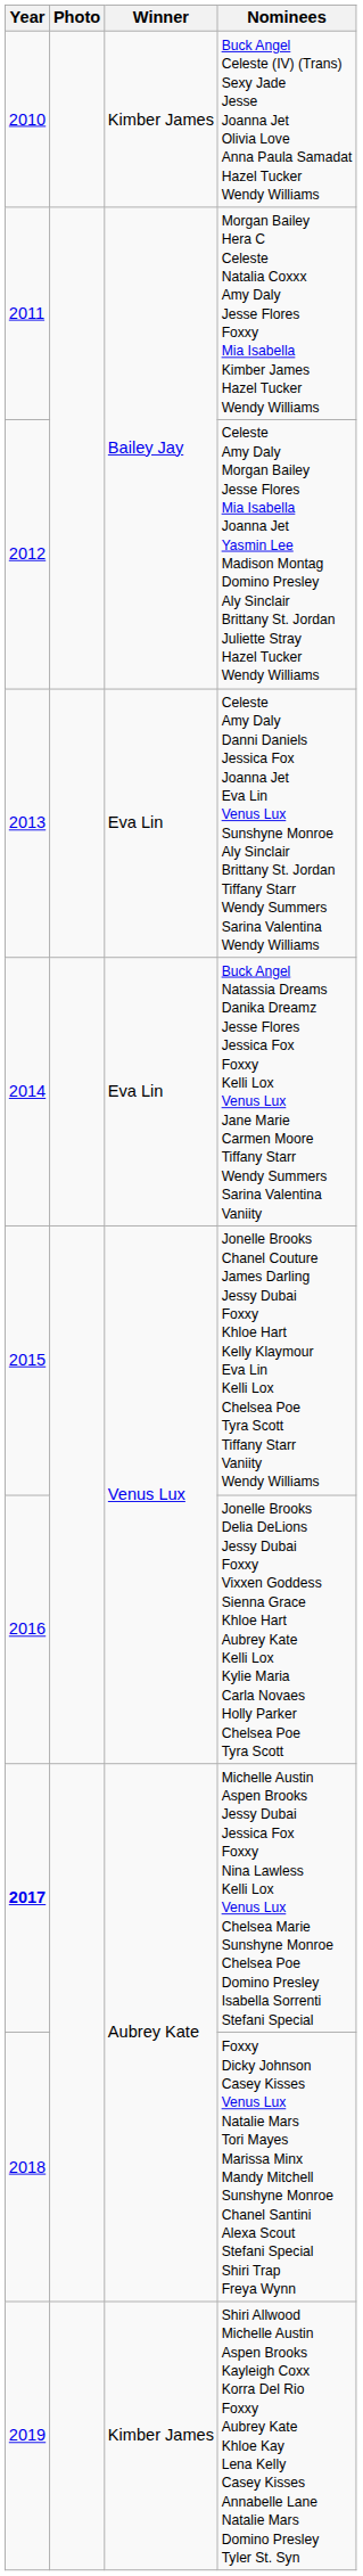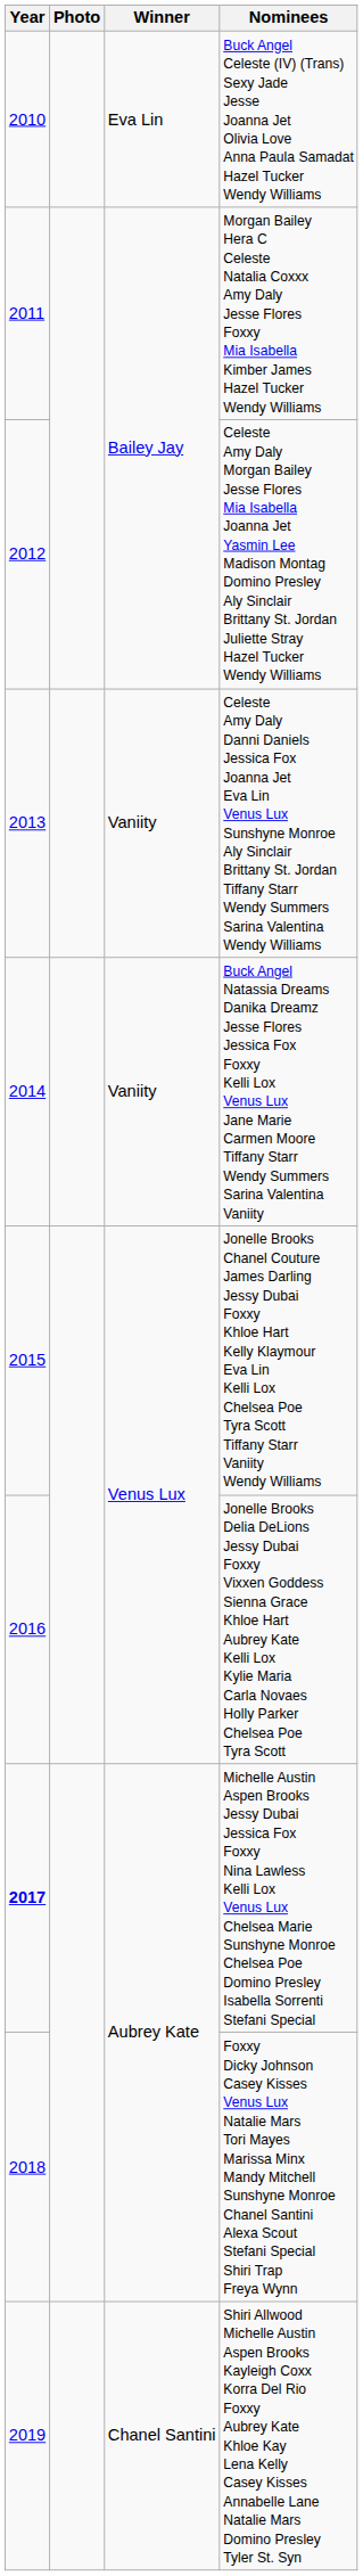 <table class="wikitable sortable">
 <tr>
 <th>Year</th>
 <th>Photo</th>
 <th>Winner</th>
 <th>Nominees</th>
 </tr>
 <tr>
 <td><a href='#'>2010</a></td>
 <td></td>
-<td>Kimber James</td>
+<td>Eva Lin</td>
 <td><small><a href='#'>Buck Angel</a><br>Celeste (IV) (Trans)<br>Sexy Jade<br>Jesse<br>Joanna Jet<br>Olivia Love<br>Anna Paula Samadat <br>Hazel Tucker<br>Wendy Williams</small></td>
 </tr>
 <tr>
 <td><a href='#'>2011</a></td>
 <td rowspan=2></td>
 <td rowspan="2"><a href='#'>Bailey Jay</a></td>
 <td><small>Morgan Bailey <br>Hera C <br>Celeste<br>Natalia Coxxx <br>Amy Daly<br>Jesse Flores<br>Foxxy <br><a href='#'>Mia Isabella</a><br>Kimber James<br>Hazel Tucker<br>Wendy Williams</small></td>
 </tr>
 <tr>
 <td><a href='#'>2012</a></td>
 <td><small>Celeste<br>Amy Daly <br>Morgan Bailey <br>Jesse Flores <br><a href='#'>Mia Isabella</a><br>Joanna Jet<br><a href='#'>Yasmin Lee</a><br>Madison Montag <br>Domino Presley <br>Aly Sinclair <br>Brittany St. Jordan <br>Juliette Stray <br>Hazel Tucker<br>Wendy Williams</small></td>
 </tr>
 <tr>
 <td><a href='#'>2013</a></td>
 <td></td>
-<td>Eva Lin</td>
+<td>Vaniity</td>
 <td><small>Celeste<br>Amy Daly<br>Danni Daniels<br>Jessica Fox<br>Joanna Jet<br>Eva Lin<br><a href='#'>Venus Lux</a><br>Sunshyne Monroe<br>Aly Sinclair<br>Brittany St. Jordan<br>Tiffany Starr<br>Wendy Summers<br>Sarina Valentina<br>Wendy Williams</small></td>
 </tr>
 <tr>
 <td><a href='#'>2014</a></td>
 <td></td>
-<td>Eva Lin</td>
+<td>Vaniity</td>
 <td><small><a href='#'>Buck Angel</a><br>Natassia Dreams<br>Danika Dreamz<br>Jesse Flores<br>Jessica Fox<br>Foxxy<br>Kelli Lox<br><a href='#'>Venus Lux</a><br>Jane Marie<br>Carmen Moore<br>Tiffany Starr<br>Wendy Summers<br>Sarina Valentina<br>Vaniity</small></td>
 </tr>
 <tr>
 <td><a href='#'>2015</a></td>
 <td rowspan=2></td>
 <td rowspan="2"><a href='#'>Venus Lux</a></td>
 <td><small>Jonelle Brooks<br>Chanel Couture<br>James Darling<br>Jessy Dubai<br>Foxxy<br>Khloe Hart<br>Kelly Klaymour<br>Eva Lin<br>Kelli Lox<br>Chelsea Poe<br>Tyra Scott<br>Tiffany Starr<br>Vaniity<br>Wendy Williams</small></td>
 </tr>
 <tr>
 <td><a href='#'>2016</a></td>
 <td><small>Jonelle Brooks<br>Delia DeLions<br>Jessy Dubai<br>Foxxy<br>Vixxen Goddess<br>Sienna Grace<br>Khloe Hart<br>Aubrey Kate<br>Kelli Lox<br>Kylie Maria<br>Carla Novaes<br>Holly Parker<br>Chelsea Poe<br>Tyra Scott</small></td>
 </tr>
 <tr>
 <td><strong><a href='#'>2017</a></strong></td>
 <td rowspan=2></td>
 <td rowspan="2">Aubrey Kate</td>
 <td><small>Michelle Austin<br>Aspen Brooks<br>Jessy Dubai<br>Jessica Fox<br>Foxxy<br>Nina Lawless<br>Kelli Lox<br><a href='#'>Venus Lux</a><br>Chelsea Marie<br>Sunshyne Monroe<br>Chelsea Poe<br>Domino Presley<br>Isabella Sorrenti<br>Stefani Special</small></td>
 </tr>
 <tr>
 <td><a href='#'>2018</a></td>
 <td><small>Foxxy<br>Dicky Johnson<br>Casey Kisses<br><a href='#'>Venus Lux</a><br>Natalie Mars<br>Tori Mayes<br>Marissa Minx<br>Mandy Mitchell<br>Sunshyne Monroe<br>Chanel Santini<br>Alexa Scout<br>Stefani Special<br>Shiri Trap<br>Freya Wynn</small></td>
 </tr>
 <tr>
 <td><a href='#'>2019</a></td>
 <td></td>
-<td>Kimber James</td>
+<td>Chanel Santini</td>
 <td><small>Shiri Allwood<br>Michelle Austin<br>Aspen Brooks<br>Kayleigh Coxx<br>Korra Del Rio<br>Foxxy<br>Aubrey Kate<br>Khloe Kay<br>Lena Kelly<br>Casey Kisses<br>Annabelle Lane<br>Natalie Mars<br>Domino Presley<br>Tyler St. Syn</small></td>
 </tr>
 </table>
